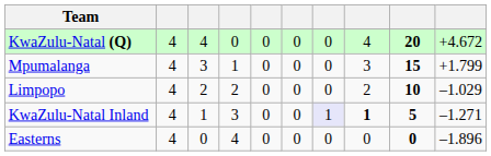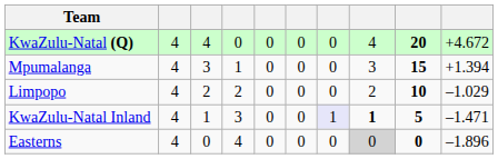 <table class="wikitable" style="text-align:center">
 <tr>
 <th width="150">Team</th>
 <th width="25"></th>
 <th width="25"></th>
 <th width="25"></th>
 <th width="25"></th>
 <th width="25"></th>
 <th width="25"></th>
 <th width="40"></th>
 <th width="40"></th>
 <th width="45"></th>
 </tr>
 <tr style="background:#cfc">
 <td style="text-align:left"><a href='#'>KwaZulu-Natal</a> <strong>(Q)</strong></td>
 <td>4</td>
 <td>4</td>
 <td>0</td>
 <td>0</td>
 <td>0</td>
 <td>0</td>
 <td>4</td>
 <td><strong>20</strong></td>
 <td>+4.672</td>
 </tr>
 <tr>
 <td style="text-align:left"><a href='#'>Mpumalanga</a></td>
 <td>4</td>
 <td>3</td>
 <td>1</td>
 <td>0</td>
 <td>0</td>
 <td>0</td>
 <td>3</td>
 <td><strong>15</strong></td>
-<td>+1.799</td>
+<td>+1.394</td>
 </tr>
 <tr>
 <td style="text-align:left"><a href='#'>Limpopo</a></td>
 <td>4</td>
 <td>2</td>
 <td>2</td>
 <td>0</td>
 <td>0</td>
 <td>0</td>
 <td>2</td>
 <td><strong>10</strong></td>
 <td>–1.029</td>
 </tr>
 <tr>
 <td style="text-align:left"><a href='#'>KwaZulu-Natal Inland</a></td>
 <td>4</td>
 <td>1</td>
 <td>3</td>
 <td>0</td>
 <td>0</td>
 <td style="background: lavender;">1</td>
 <td><strong>1</strong></td>
 <td><strong>5</strong></td>
-<td>–1.271</td>
+<td>–1.471</td>
 </tr>
 <tr>
 <td style="text-align:left"><a href='#'>Easterns</a></td>
 <td>4</td>
 <td>0</td>
 <td>4</td>
 <td>0</td>
 <td>0</td>
 <td>0</td>
-<td>0</td>
+<td style="background: lightgrey;">0</td>
 <td><strong>0</strong></td>
 <td>–1.896</td>
 </tr>
 </table>
